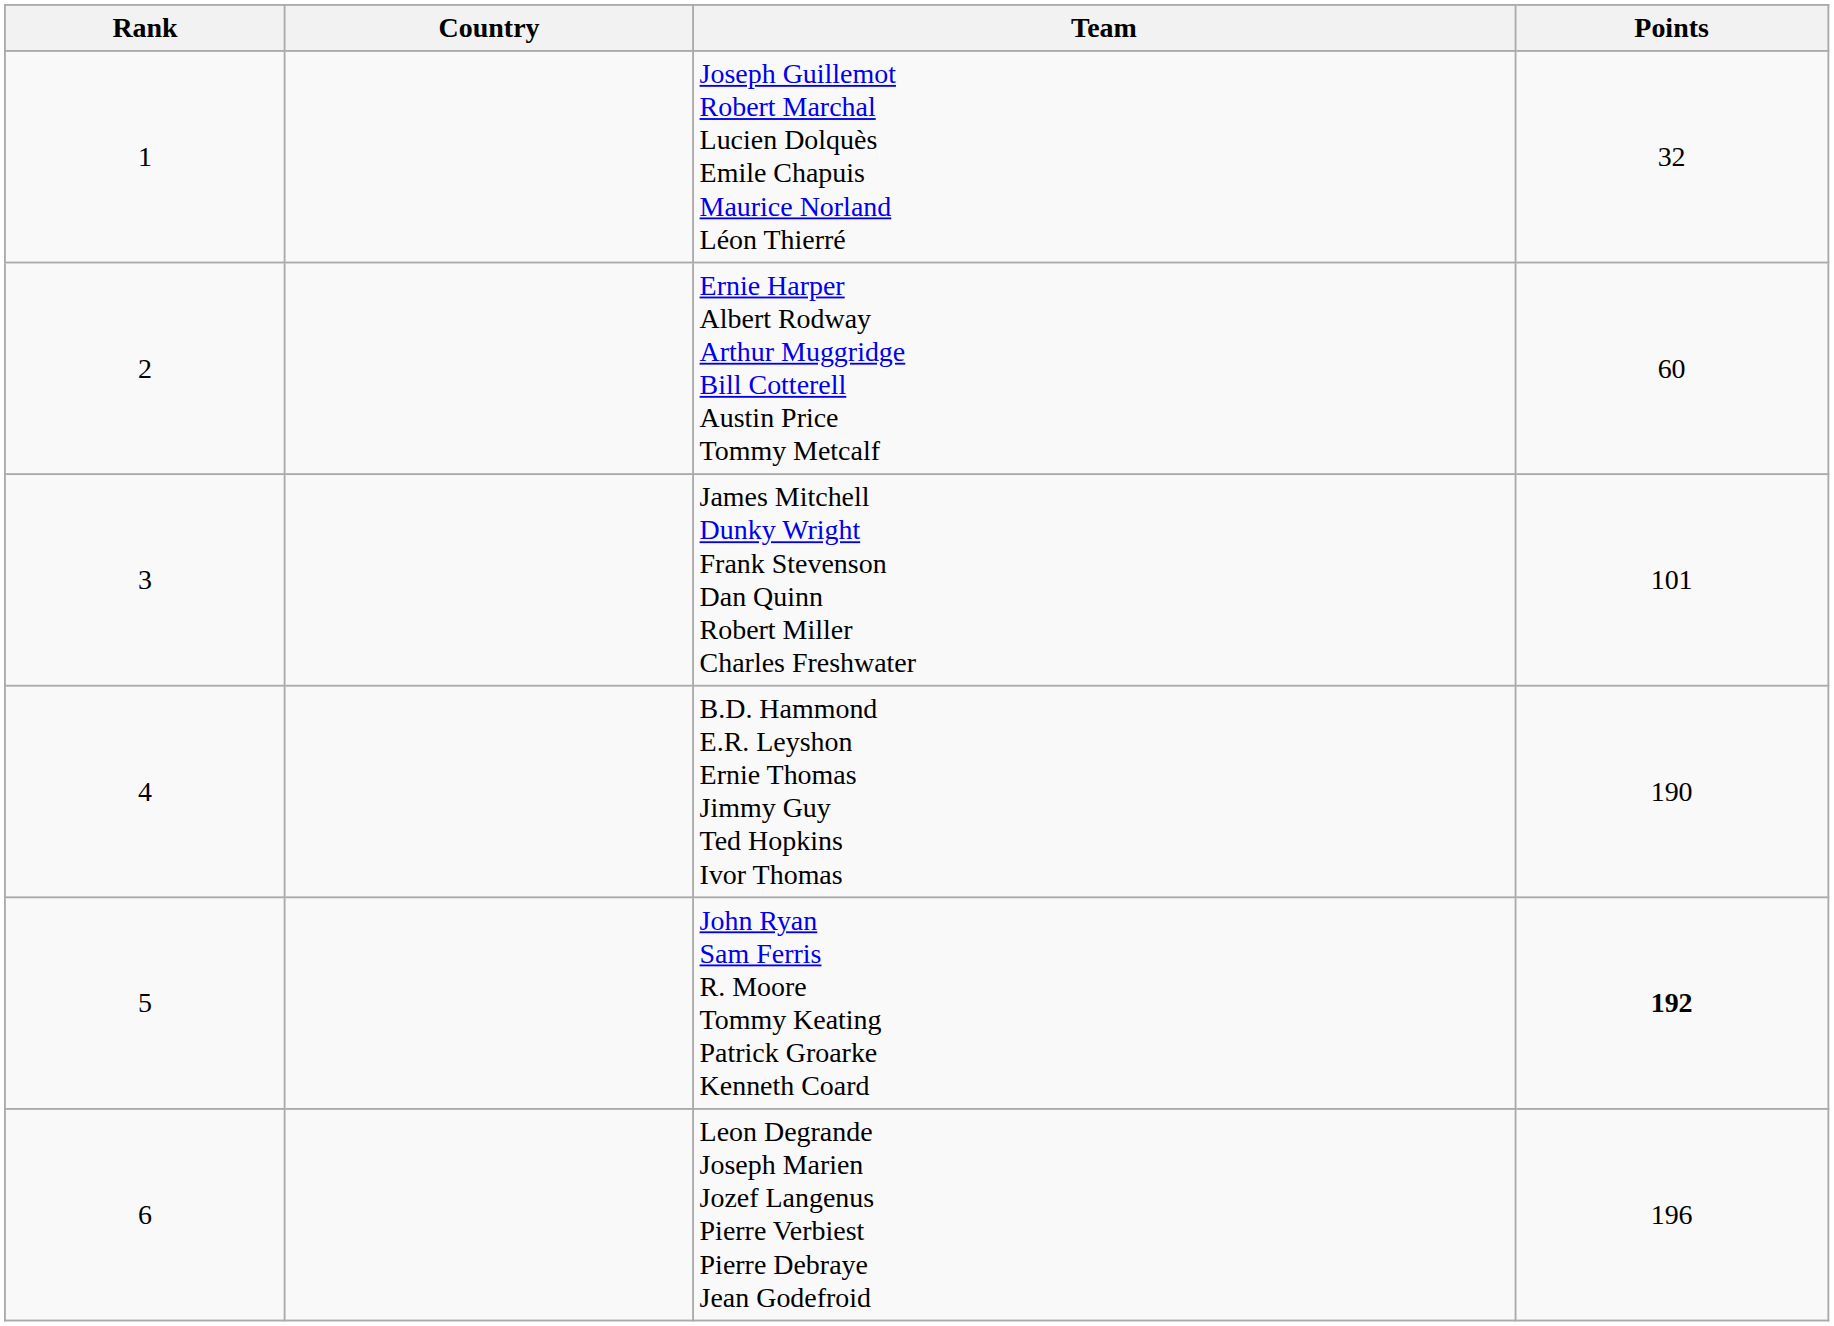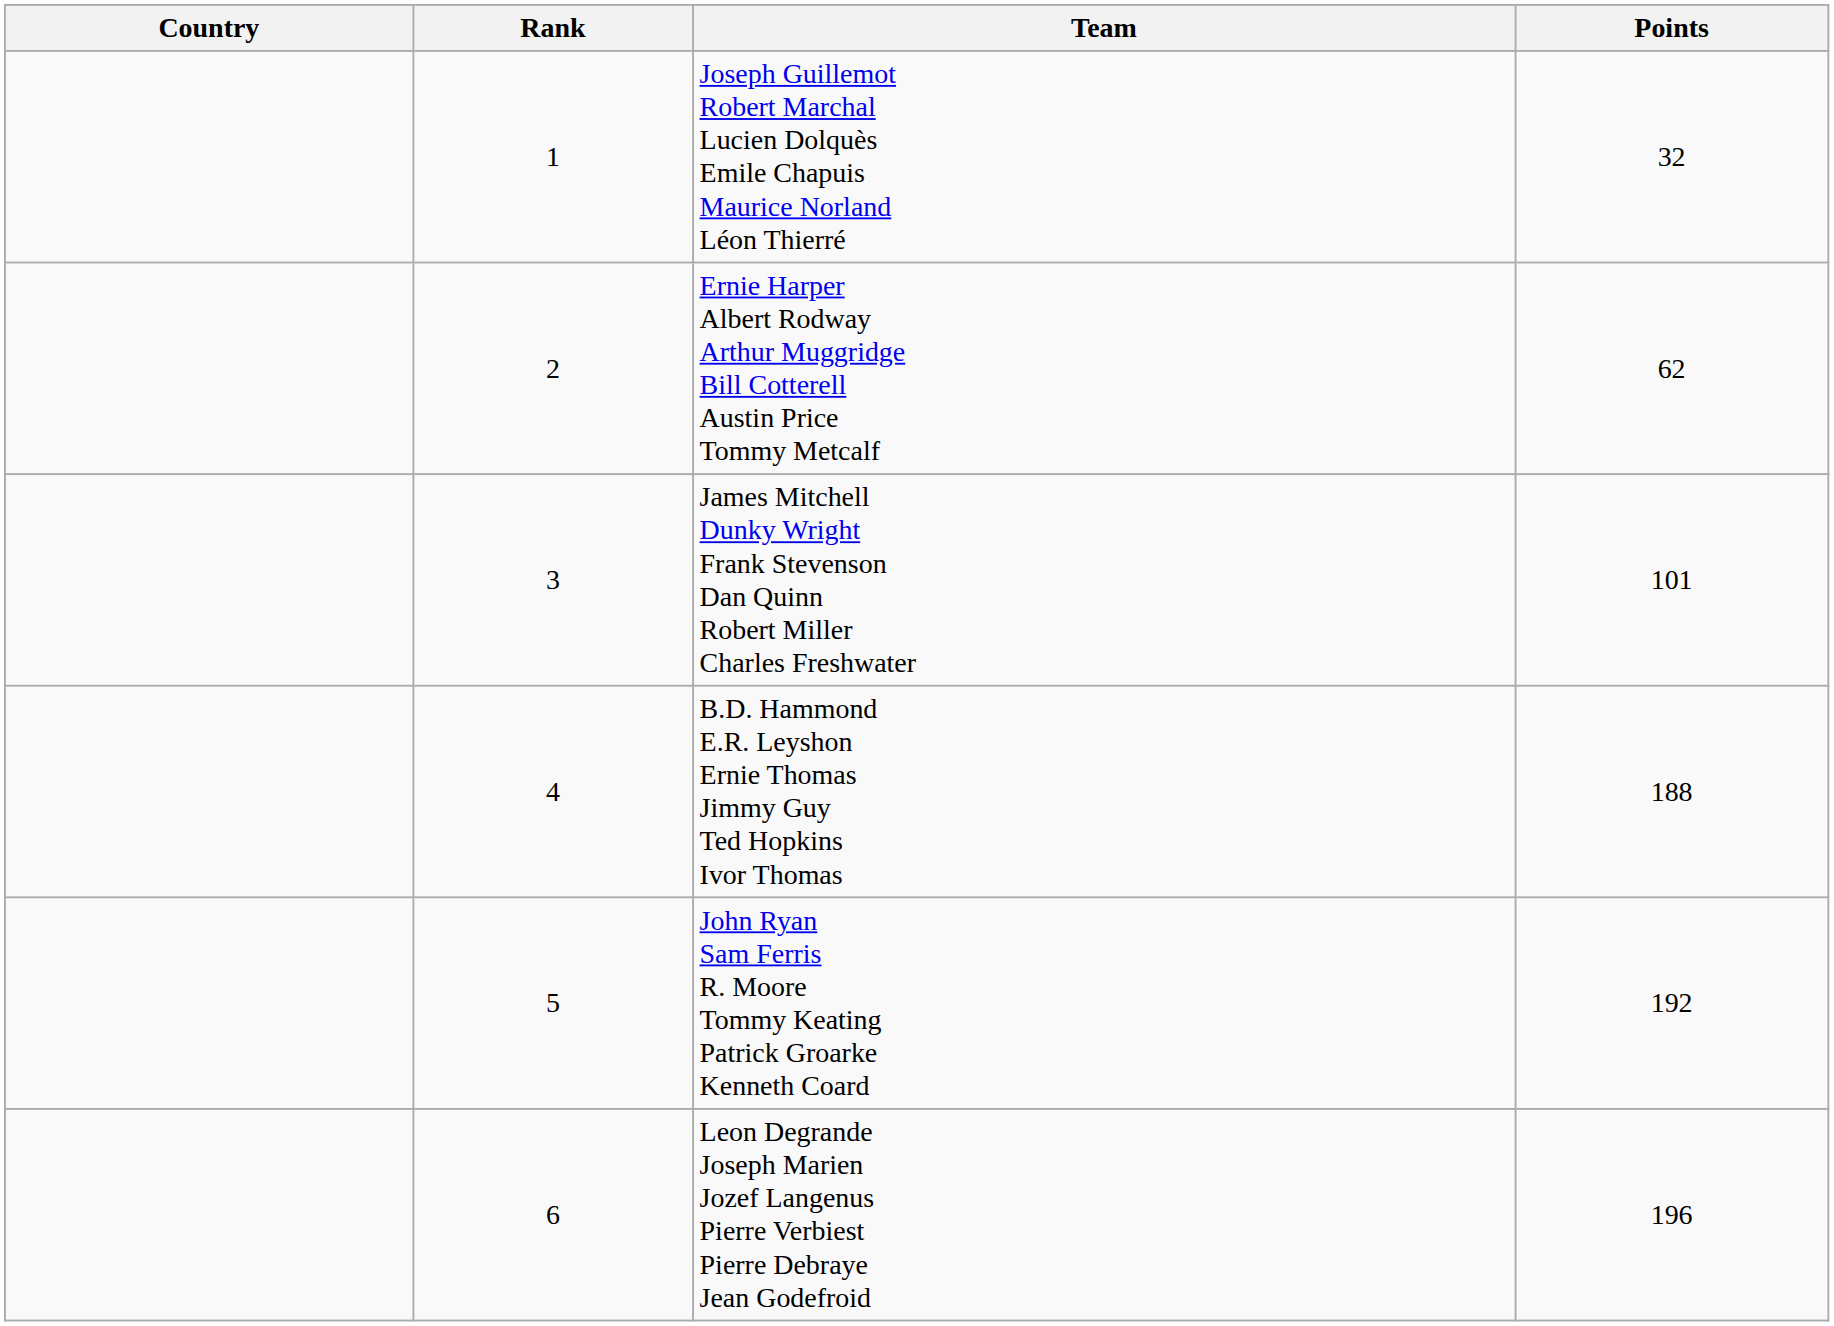 <table class="wikitable sortable" style=" text-align:center; font-size:95%;" width="50%">
 <tr>
+<th>Country</th>
 <th>Rank</th>
-<th>Country</th>
 <th>Team</th>
 <th>Points</th>
 </tr>
 <tr>
+<td align=left></td>
 <td align=center>1</td>
-<td align=left></td>
 <td align=left><a href='#'>Joseph Guillemot</a><br><a href='#'>Robert Marchal</a><br>Lucien Dolquès<br>Emile Chapuis<br><a href='#'>Maurice Norland</a><br>Léon Thierré</td>
 <td>32</td>
 </tr>
 <tr>
+<td align=left></td>
 <td align=center>2</td>
-<td align=left></td>
 <td align=left><a href='#'>Ernie Harper</a><br>Albert Rodway<br><a href='#'>Arthur Muggridge</a><br><a href='#'>Bill Cotterell</a><br>Austin Price<br>Tommy Metcalf</td>
-<td>60</td>
+<td>62</td>
 </tr>
 <tr>
+<td align=left></td>
 <td align=center>3</td>
-<td align=left></td>
 <td align=left>James Mitchell<br><a href='#'>Dunky Wright</a><br>Frank Stevenson<br>Dan Quinn<br>Robert Miller<br>Charles Freshwater</td>
 <td>101</td>
 </tr>
 <tr>
+<td align=left></td>
 <td align=center>4</td>
-<td align=left></td>
 <td align=left>B.D. Hammond<br>E.R. Leyshon<br>Ernie Thomas<br>Jimmy Guy<br>Ted Hopkins<br>Ivor Thomas</td>
-<td>190</td>
+<td>188</td>
 </tr>
 <tr>
+<td align=left></td>
 <td align=center>5</td>
-<td align=left></td>
 <td align=left><a href='#'>John Ryan</a><br><a href='#'>Sam Ferris</a><br>R. Moore<br>Tommy Keating<br>Patrick Groarke<br>Kenneth Coard</td>
-<td><strong>192</strong></td>
+<td>192</td>
 </tr>
 <tr>
+<td align=left></td>
 <td align=center>6</td>
-<td align=left></td>
 <td align=left>Leon Degrande<br>Joseph Marien<br>Jozef Langenus<br>Pierre Verbiest<br>Pierre Debraye<br>Jean Godefroid</td>
 <td>196</td>
 </tr>
 </table>
